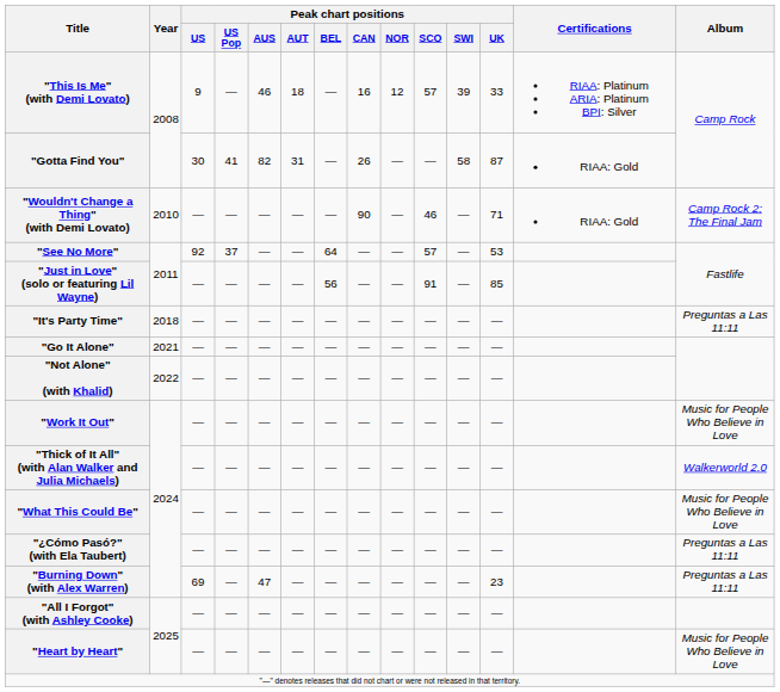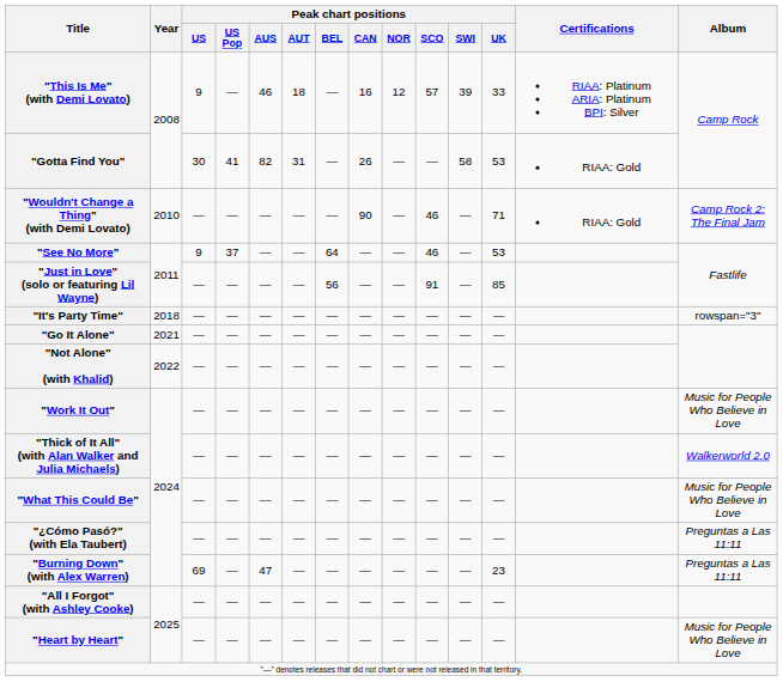 <table class="wikitable plainrowheaders" style="text-align:center;" border="1">
 <tr>
 <th scope="col" rowspan="2" style="width:12em;">Title</th>
 <th scope="col" rowspan="2">Year</th>
 <th scope="col" colspan="10">Peak chart positions</th>
 <th scope="col" rowspan="2" style="width:13.5em;"><a href='#'>Certifications</a></th>
 <th scope="col" rowspan="2" style="width:8em;">Album</th>
 </tr>
 <tr>
 <th scope="col" style="width:2.7em;font-size:90%;"><a href='#'>US</a><br></th>
 <th scope="col" style="width:2.7em;font-size:90%;"><a href='#'>US<br>Pop</a><br></th>
 <th scope="col" style="width:2.7em;font-size:90%;"><a href='#'>AUS</a><br></th>
 <th scope="col" style="width:2.7em;font-size:90%;"><a href='#'>AUT</a><br></th>
 <th scope="col" style="width:2.7em;font-size:90%;"><a href='#'>BEL</a><br></th>
 <th scope="col" style="width:2.7em;font-size:90%;"><a href='#'>CAN</a><br></th>
 <th scope="col" style="width:2.7em;font-size:90%;"><a href='#'>NOR</a><br></th>
 <th scope="col" style="width:2.7em;font-size:90%;"><a href='#'>SCO</a><br></th>
 <th scope="col" style="width:2.7em;font-size:90%;"><a href='#'>SWI</a><br></th>
 <th scope="col" style="width:2.7em;font-size:90%;"><a href='#'>UK</a><br></th>
 </tr>
 <tr>
 <th scope="row">"<a href='#'>This Is Me</a>"<br><span>(with <a href='#'>Demi Lovato</a>)</span></th>
 <td rowspan="2">2008</td>
 <td>9</td>
 <td>—</td>
 <td>46</td>
 <td>18</td>
 <td>—</td>
 <td>16</td>
 <td>12</td>
 <td>57</td>
 <td>39</td>
 <td>33</td>
 <td><br><ul><li><a href='#'>RIAA</a>: Platinum</li><li><a href='#'>ARIA</a>: Platinum</li><li><a href='#'>BPI</a>: Silver</li></ul></td>
 <td rowspan="2"><em><a href='#'>Camp Rock</a></em></td>
 </tr>
 <tr>
 <th scope="row">"Gotta Find You"</th>
 <td>30</td>
 <td>41</td>
 <td>82</td>
 <td>31</td>
 <td>—</td>
 <td>26</td>
 <td>—</td>
 <td>—</td>
 <td>58</td>
-<td>87</td>
+<td>53</td>
 <td><br><ul><li>RIAA: Gold</li></ul></td>
 </tr>
 <tr>
 <th scope="row">"<a href='#'>Wouldn't Change a Thing</a>"<br><span>(with Demi Lovato)</span></th>
 <td>2010</td>
 <td>—</td>
 <td>—</td>
 <td>—</td>
 <td>—</td>
 <td>—</td>
 <td>90</td>
 <td>—</td>
 <td>46</td>
 <td>—</td>
 <td>71</td>
 <td><br><ul><li>RIAA: Gold</li></ul></td>
 <td><em><a href='#'>Camp Rock 2: The Final Jam</a></em></td>
 </tr>
 <tr>
 <th scope="row">"<a href='#'>See No More</a>"</th>
 <td rowspan="2">2011</td>
-<td>92</td>
+<td>9</td>
 <td>37</td>
 <td>—</td>
 <td>—</td>
 <td>64</td>
 <td>—</td>
 <td>—</td>
-<td>57</td>
+<td>46</td>
 <td>—</td>
 <td>53</td>
 <td></td>
 <td rowspan="2"><em>Fastlife</em></td>
 </tr>
 <tr>
 <th scope="row">"<a href='#'>Just in Love</a>"<br><span>(solo or featuring <a href='#'>Lil Wayne</a>)</span></th>
 <td>—</td>
 <td>—</td>
 <td>—</td>
 <td>—</td>
 <td>56</td>
 <td>—</td>
 <td>—</td>
 <td>91</td>
 <td>—</td>
 <td>85</td>
 <td></td>
 </tr>
 <tr>
 <th scope="row">"It's Party Time"<br></th>
 <td>2018</td>
 <td>—</td>
 <td>—</td>
 <td>—</td>
 <td>—</td>
 <td>—</td>
 <td>—</td>
 <td>—</td>
 <td>—</td>
 <td>—</td>
 <td>—</td>
 <td></td>
-<td><em>Preguntas a Las 11:11</em></td>
+<td>rowspan="3" </td>
 </tr>
 <tr>
 <th scope="row">"Go It Alone"<br></th>
 <td>2021</td>
 <td>—</td>
 <td>—</td>
 <td>—</td>
 <td>—</td>
 <td>—</td>
 <td>—</td>
 <td>—</td>
 <td>—</td>
 <td>—</td>
 <td>—</td>
 <td></td>
 </tr>
 <tr>
 <th scope="row">"Not Alone"<br><br><span>(with <a href='#'>Khalid</a>)</span></th>
 <td>2022</td>
 <td>—</td>
 <td>—</td>
 <td>—</td>
 <td>—</td>
 <td>—</td>
 <td>—</td>
 <td>—</td>
 <td>—</td>
 <td>—</td>
 <td>—</td>
 <td></td>
 </tr>
 <tr>
 <th scope="row">"<a href='#'>Work It Out</a>"</th>
 <td rowspan="5">2024</td>
 <td>—</td>
 <td>—</td>
 <td>—</td>
 <td>—</td>
 <td>—</td>
 <td>—</td>
 <td>—</td>
 <td>—</td>
 <td>—</td>
 <td>—</td>
 <td></td>
 <td><em>Music for People Who Believe in Love</em></td>
 </tr>
 <tr>
 <th scope="row">"Thick of It All"<br><span>(with <a href='#'>Alan Walker</a> and <a href='#'>Julia Michaels</a>)</span></th>
 <td>—</td>
 <td>—</td>
 <td>—</td>
 <td>—</td>
 <td>—</td>
 <td>—</td>
 <td>—</td>
 <td>—</td>
 <td>—</td>
 <td>—</td>
 <td></td>
 <td><em><a href='#'>Walkerworld 2.0</a></em></td>
 </tr>
 <tr>
 <th scope="row">"<a href='#'>What This Could Be</a>"</th>
 <td>—</td>
 <td>—</td>
 <td>—</td>
 <td>—</td>
 <td>—</td>
 <td>—</td>
 <td>—</td>
 <td>—</td>
 <td>—</td>
 <td>—</td>
 <td></td>
 <td><em>Music for People Who Believe in Love</em></td>
 </tr>
 <tr>
 <th scope="row">"¿Cómo Pasó?"<br><span>(with Ela Taubert)</span></th>
 <td>—</td>
 <td>—</td>
 <td>—</td>
 <td>—</td>
 <td>—</td>
 <td>—</td>
 <td>—</td>
 <td>—</td>
 <td>—</td>
 <td>—</td>
 <td></td>
 <td><em>Preguntas a Las 11:11</em></td>
 </tr>
 <tr>
 <th scope="row">"<a href='#'>Burning Down</a>"<br><span>(with <a href='#'>Alex Warren</a>)</span></th>
 <td>69</td>
 <td>—</td>
 <td>47</td>
 <td>—</td>
 <td>—</td>
 <td>—</td>
 <td>—</td>
 <td>—</td>
 <td>—</td>
 <td>23</td>
 <td></td>
 <td><em>Preguntas a Las 11:11</em></td>
 </tr>
 <tr>
 <th scope="row">"All I Forgot"<br><span>(with <a href='#'>Ashley Cooke</a>)</span></th>
 <td rowspan="2">2025</td>
 <td>—</td>
 <td>—</td>
 <td>—</td>
 <td>—</td>
 <td>—</td>
 <td>—</td>
 <td>—</td>
 <td>—</td>
 <td>—</td>
 <td>—</td>
 <td></td>
 </tr>
 <tr>
 <th scope="row">"<a href='#'>Heart by Heart</a>"</th>
 <td>—</td>
 <td>—</td>
 <td>—</td>
 <td>—</td>
 <td>—</td>
 <td>—</td>
 <td>—</td>
 <td>—</td>
 <td>—</td>
 <td>—</td>
 <td></td>
 <td><em>Music for People Who Believe in Love</em></td>
 </tr>
 <tr>
 <td align="center" colspan="15" style="font-size:8pt">"—" denotes releases that did not chart or were not released in that territory.</td>
 </tr>
 </table>
